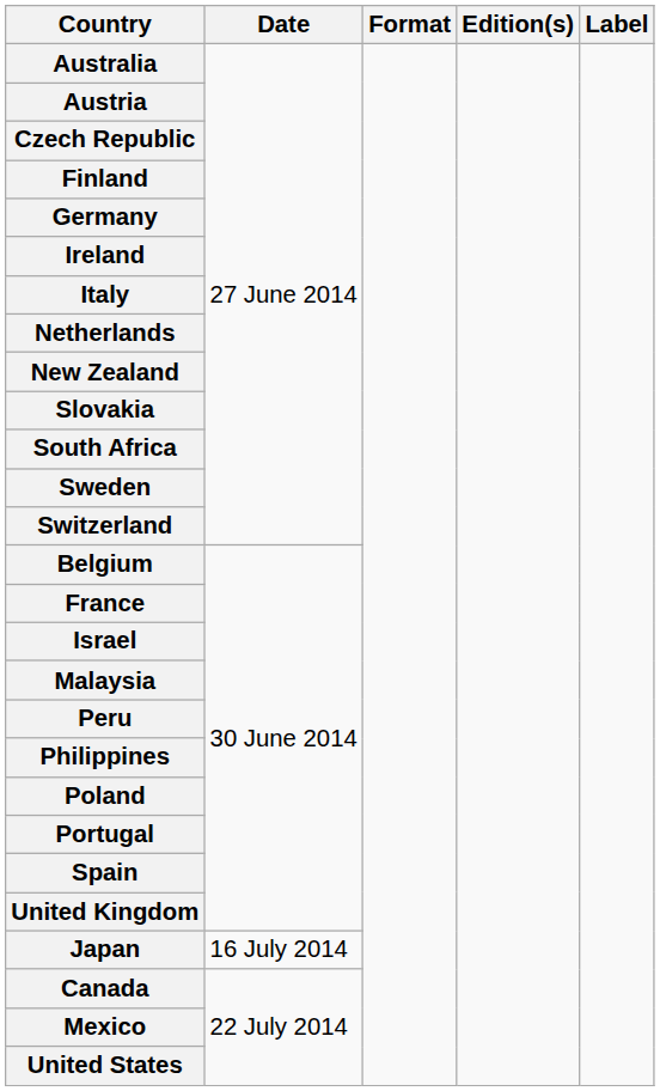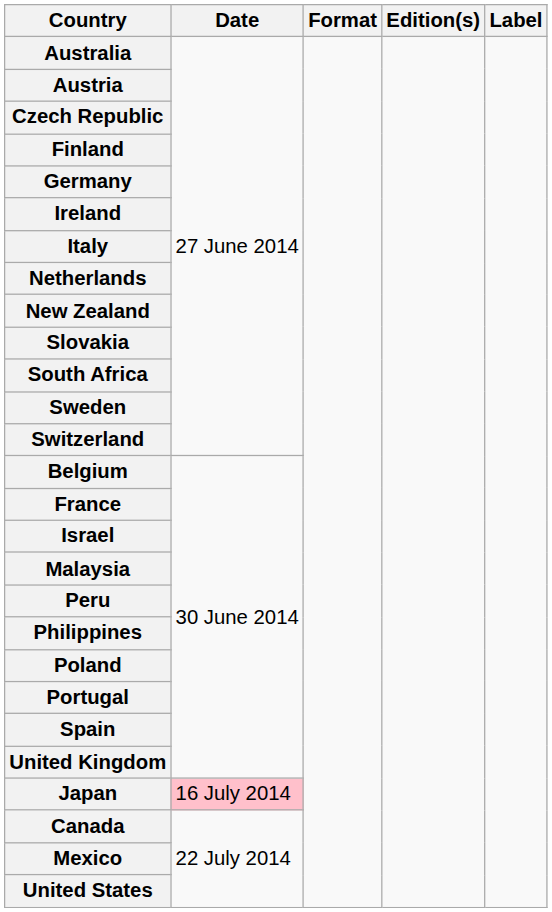 <table class="wikitable plainrowheaders">
 <tr>
 <th scope="col">Country</th>
 <th scope="col">Date</th>
 <th scope="col">Format</th>
 <th scope="col">Edition(s)</th>
 <th scope="col">Label</th>
 </tr>
 <tr>
 <th scope="row">Australia</th>
 <td rowspan="13">27 June 2014</td>
 <td rowspan="27"></td>
 <td rowspan="27"></td>
 <td rowspan="27"></td>
 </tr>
 <tr 809>
 <th scope="row">Austria</th>
 </tr>
 <tr>
 <th scope="row">Czech Republic</th>
 </tr>
 <tr>
 <th scope="row">Finland</th>
 </tr>
 <tr>
 <th scope="row">Germany</th>
 </tr>
 <tr>
 <th scope="row">Ireland</th>
 </tr>
 <tr>
 <th scope="row">Italy</th>
 </tr>
 <tr>
 <th scope="row">Netherlands</th>
 </tr>
 <tr>
 <th scope="row">New Zealand</th>
 </tr>
 <tr>
 <th scope="row">Slovakia</th>
 </tr>
 <tr>
 <th scope="row">South Africa</th>
 </tr>
 <tr>
 <th scope="row">Sweden</th>
 </tr>
 <tr>
 <th scope="row">Switzerland</th>
 </tr>
 <tr>
 <th scope="row">Belgium</th>
 <td rowspan="10">30 June 2014</td>
 </tr>
 <tr>
 <th scope="row">France</th>
 </tr>
 <tr>
 <th scope="row">Israel</th>
 </tr>
 <tr>
 <th scope="row">Malaysia</th>
 </tr>
 <tr>
 <th scope="row">Peru</th>
 </tr>
 <tr>
 <th scope="row">Philippines</th>
 </tr>
 <tr>
 <th scope="row">Poland</th>
 </tr>
 <tr>
 <th scope="row">Portugal</th>
 </tr>
 <tr>
 <th scope="row">Spain</th>
 </tr>
 <tr>
 <th scope="row">United Kingdom</th>
 </tr>
 <tr>
 <th scope="row">Japan</th>
-<td>16 July 2014</td>
+<td style="background: pink;">16 July 2014</td>
 </tr>
 <tr>
 <th scope="row">Canada</th>
 <td rowspan="3">22 July 2014</td>
 </tr>
 <tr>
 <th scope="row">Mexico</th>
 </tr>
 <tr>
 <th scope="row">United States</th>
 </tr>
 </table>
